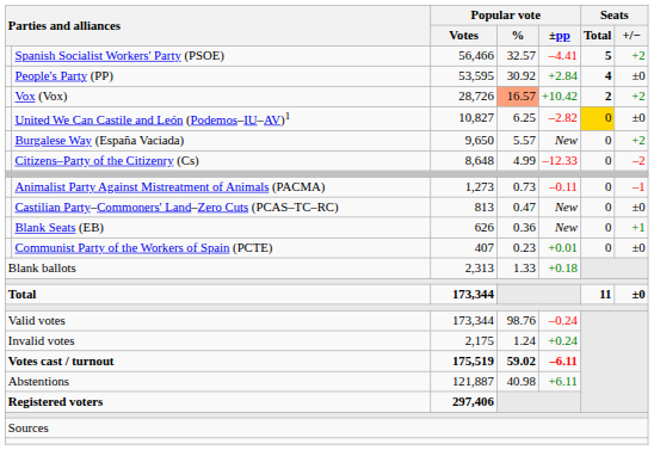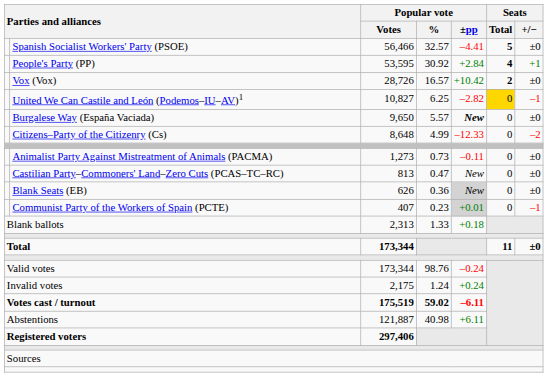 <table class="wikitable" style="text-align:right;">
 <tr>
 <th style="text-align:left;" rowspan="2" colspan="2" width="525">Parties and alliances</th>
 <th colspan="3">Popular vote</th>
 <th colspan="2">Seats</th>
 </tr>
 <tr>
 <th width="75">Votes</th>
 <th width="45">%</th>
 <th width="45">±<a href='#'>pp</a></th>
 <th width="35">Total</th>
 <th width="35">+/−</th>
 </tr>
 <tr>
 <td width="1" style="color:inherit;background:"></td>
 <td align="left"><a href='#'>Spanish Socialist Workers' Party</a> (PSOE)</td>
 <td>56,466</td>
 <td>32.57</td>
 <td style="color:red;">–4.41</td>
 <td><strong>5</strong></td>
-<td style="color:green;">+2</td>
+<td>±0</td>
 </tr>
 <tr>
 <td style="color:inherit;background:"></td>
 <td align="left"><a href='#'>People's Party</a> (PP)</td>
 <td>53,595</td>
 <td>30.92</td>
 <td style="color:green;">+2.84</td>
 <td><strong>4</strong></td>
-<td>±0</td>
+<td style="color:green;">+1</td>
 </tr>
 <tr>
 <td style="color:inherit;background:"></td>
 <td align="left"><a href='#'>Vox</a> (Vox)</td>
 <td>28,726</td>
-<td style="background: lightsalmon;">16.57</td>
+<td>16.57</td>
 <td style="color:green;">+10.42</td>
 <td><strong>2</strong></td>
-<td style="color:green;">+2</td>
+<td>±0</td>
 </tr>
 <tr>
 <td style="color:inherit;background:"></td>
 <td align="left"><a href='#'>United We Can Castile and León</a> (<a href='#'>Podemos</a>–<a href='#'>IU</a>–<a href='#'>AV</a>)<sup>1</sup></td>
 <td>10,827</td>
 <td>6.25</td>
 <td style="color:red;">–2.82</td>
 <td style="background: gold;">0</td>
-<td>±0</td>
+<td style="color:red;">–1</td>
 </tr>
 <tr>
 <td style="color:inherit;background:"></td>
 <td align="left"><a href='#'>Burgalese Way</a> (España Vaciada)</td>
 <td>9,650</td>
 <td>5.57</td>
-<td><em>New</em></td>
+<td><strong><em>New</em></strong></td>
 <td>0</td>
-<td style="color:green;">+2</td>
+<td>±0</td>
 </tr>
 <tr>
 <td style="color:inherit;background:"></td>
 <td align="left"><a href='#'>Citizens–Party of the Citizenry</a> (Cs)</td>
 <td>8,648</td>
 <td>4.99</td>
 <td style="color:red;">–12.33</td>
 <td>0</td>
 <td style="color:red;">–2</td>
 </tr>
 <tr>
 <td colspan="7" bgcolor="#C0C0C0"></td>
 </tr>
 <tr>
 <td style="color:inherit;background:"></td>
 <td align="left"><a href='#'>Animalist Party Against Mistreatment of Animals</a> (PACMA)</td>
 <td>1,273</td>
 <td>0.73</td>
 <td style="color:red;">–0.11</td>
 <td>0</td>
-<td style="color:red;">–1</td>
+<td>±0</td>
 </tr>
 <tr>
 <td style="color:inherit;background:"></td>
 <td align="left"><a href='#'>Castilian Party</a>–<a href='#'>Commoners' Land</a>–<a href='#'>Zero Cuts</a> (PCAS–TC–RC)</td>
 <td>813</td>
 <td>0.47</td>
 <td><em>New</em></td>
 <td>0</td>
 <td>±0</td>
 </tr>
 <tr>
 <td style="color:inherit;background:"></td>
 <td align="left"><a href='#'>Blank Seats</a> (EB)</td>
 <td>626</td>
 <td>0.36</td>
-<td><em>New</em></td>
+<td style="background: lightgrey;"><em>New</em></td>
 <td>0</td>
-<td style="color:green;">+1</td>
+<td>±0</td>
 </tr>
 <tr>
 <td style="color:inherit;background:"></td>
 <td align="left"><a href='#'>Communist Party of the Workers of Spain</a> (PCTE)</td>
 <td>407</td>
 <td>0.23</td>
-<td style="color:green;">+0.01</td>
+<td style="background: lightgrey; color:green;">+0.01</td>
 <td>0</td>
-<td>±0</td>
+<td style="color:red;">–1</td>
 </tr>
 <tr>
 <td align="left" colspan="2">Blank ballots</td>
 <td>2,313</td>
 <td>1.33</td>
 <td style="color:green;">+0.18</td>
 <td bgcolor="#E9E9E9" colspan="2"></td>
 </tr>
 <tr>
 <td colspan="7" bgcolor="#E9E9E9"></td>
 </tr>
 <tr style="font-weight:bold;">
 <td align="left" colspan="2">Total</td>
 <td>173,344</td>
 <td bgcolor="#E9E9E9" colspan="2"></td>
 <td>11</td>
 <td>±0</td>
 </tr>
 <tr>
 <td colspan="7" bgcolor="#E9E9E9"></td>
 </tr>
 <tr>
 <td align="left" colspan="2">Valid votes</td>
 <td>173,344</td>
 <td>98.76</td>
 <td style="color:red;">–0.24</td>
 <td bgcolor="#E9E9E9" colspan="2" rowspan="5"></td>
 </tr>
 <tr>
 <td align="left" colspan="2">Invalid votes</td>
 <td>2,175</td>
 <td>1.24</td>
 <td style="color:green;">+0.24</td>
 </tr>
 <tr style="font-weight:bold;">
 <td align="left" colspan="2">Votes cast / turnout</td>
 <td>175,519</td>
 <td>59.02</td>
 <td style="color:red;">–6.11</td>
 </tr>
 <tr>
 <td align="left" colspan="2">Abstentions</td>
 <td>121,887</td>
 <td>40.98</td>
 <td style="color:green;">+6.11</td>
 </tr>
 <tr style="font-weight:bold;">
 <td align="left" colspan="2">Registered voters</td>
 <td>297,406</td>
 <td bgcolor="#E9E9E9" colspan="2"></td>
 </tr>
 <tr>
 <td colspan="7" bgcolor="#E9E9E9"></td>
 </tr>
 <tr>
 <td align="left" colspan="7">Sources</td>
 </tr>
 <tr>
 <td colspan="7" style="text-align:left; max-width:790px;"></td>
 </tr>
 </table>
